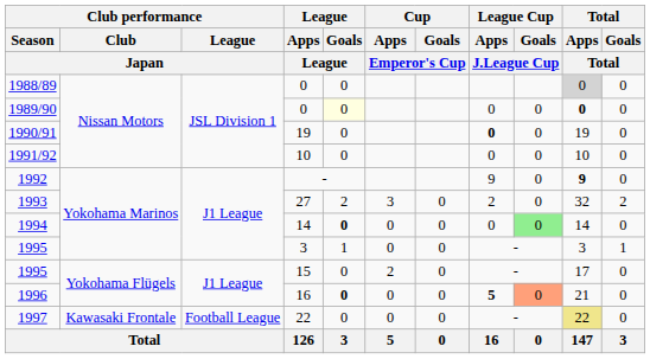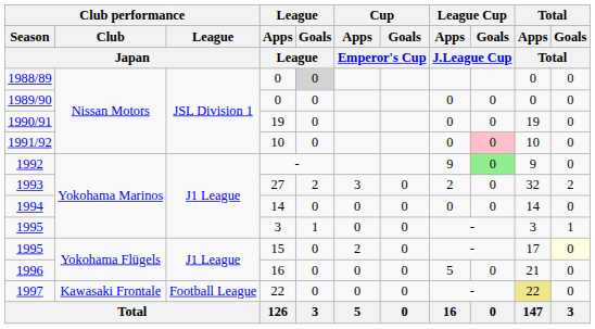 <table class="wikitable" style="text-align:center;">
 <tr>
 <th colspan=3>Club performance</th>
 <th colspan=2>League</th>
 <th colspan=2>Cup</th>
 <th colspan=2>League Cup</th>
 <th colspan=2>Total</th>
 </tr>
 <tr>
 <th>Season</th>
 <th>Club</th>
 <th>League</th>
 <th>Apps</th>
 <th>Goals</th>
 <th>Apps</th>
 <th>Goals</th>
 <th>Apps</th>
 <th>Goals</th>
 <th>Apps</th>
 <th>Goals</th>
 </tr>
 <tr>
 <th colspan=3>Japan</th>
 <th colspan=2>League</th>
 <th colspan=2><a href='#'>Emperor's Cup</a></th>
 <th colspan=2><a href='#'>J.League Cup</a></th>
 <th colspan=2>Total</th>
 </tr>
 <tr>
 <td><a href='#'>1988/89</a></td>
 <td rowspan="4"><a href='#'>Nissan Motors</a></td>
 <td rowspan="4"><a href='#'>JSL Division 1</a></td>
 <td>0</td>
-<td>0</td>
+<td style="background: lightgrey;">0</td>
 <td></td>
 <td></td>
 <td></td>
 <td></td>
-<td style="background: lightgrey;">0</td>
+<td>0</td>
 <td>0</td>
 </tr>
 <tr>
 <td><a href='#'>1989/90</a></td>
 <td>0</td>
-<td style="background: lightyellow;">0</td>
+<td>0</td>
 <td></td>
 <td></td>
 <td>0</td>
 <td>0</td>
-<td><strong>0</strong></td>
+<td>0</td>
 <td>0</td>
 </tr>
 <tr>
 <td><a href='#'>1990/91</a></td>
 <td>19</td>
 <td>0</td>
 <td></td>
 <td></td>
-<td><strong>0</strong></td>
+<td>0</td>
 <td>0</td>
 <td>19</td>
 <td>0</td>
 </tr>
 <tr>
 <td><a href='#'>1991/92</a></td>
 <td>10</td>
 <td>0</td>
 <td></td>
 <td></td>
 <td>0</td>
-<td>0</td>
+<td style="background: pink;">0</td>
 <td>10</td>
 <td>0</td>
 </tr>
 <tr>
 <td><a href='#'>1992</a></td>
 <td rowspan="4"><a href='#'>Yokohama Marinos</a></td>
 <td rowspan="4"><a href='#'>J1 League</a></td>
 <td colspan="2">-</td>
 <td></td>
 <td></td>
 <td>9</td>
-<td>0</td>
-<td><strong>9</strong></td>
+<td style="background: lightgreen;">0</td>
+<td>9</td>
 <td>0</td>
 </tr>
 <tr>
 <td><a href='#'>1993</a></td>
 <td>27</td>
 <td>2</td>
 <td>3</td>
 <td>0</td>
 <td>2</td>
 <td>0</td>
 <td>32</td>
 <td>2</td>
 </tr>
 <tr>
 <td><a href='#'>1994</a></td>
 <td>14</td>
-<td><strong>0</strong></td>
 <td>0</td>
 <td>0</td>
 <td>0</td>
-<td style="background: lightgreen;">0</td>
+<td>0</td>
+<td>0</td>
 <td>14</td>
 <td>0</td>
 </tr>
 <tr>
 <td><a href='#'>1995</a></td>
 <td>3</td>
 <td>1</td>
 <td>0</td>
 <td>0</td>
 <td colspan="2">-</td>
 <td>3</td>
 <td>1</td>
 </tr>
 <tr>
 <td><a href='#'>1995</a></td>
 <td rowspan="2"><a href='#'>Yokohama Flügels</a></td>
 <td rowspan="2"><a href='#'>J1 League</a></td>
 <td>15</td>
 <td>0</td>
 <td>2</td>
 <td>0</td>
 <td colspan="2">-</td>
 <td>17</td>
-<td>0</td>
+<td style="background: lightyellow;">0</td>
 </tr>
 <tr>
 <td><a href='#'>1996</a></td>
 <td>16</td>
-<td><strong>0</strong></td>
 <td>0</td>
 <td>0</td>
-<td><strong>5</strong></td>
-<td style="background: lightsalmon;">0</td>
+<td>0</td>
+<td>5</td>
+<td>0</td>
 <td>21</td>
 <td>0</td>
 </tr>
 <tr>
 <td><a href='#'>1997</a></td>
 <td><a href='#'>Kawasaki Frontale</a></td>
 <td><a href='#'>Football League</a></td>
 <td>22</td>
 <td>0</td>
 <td>0</td>
 <td>0</td>
 <td colspan="2">-</td>
 <td style="background: khaki;">22</td>
 <td>0</td>
 </tr>
 <tr>
 <th colspan=3>Total</th>
 <th>126</th>
 <th>3</th>
 <th>5</th>
 <th>0</th>
 <th>16</th>
 <th>0</th>
 <th>147</th>
 <th>3</th>
 </tr>
 </table>
